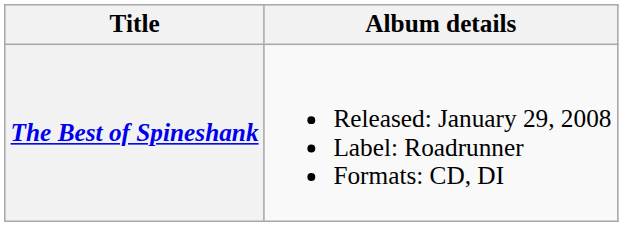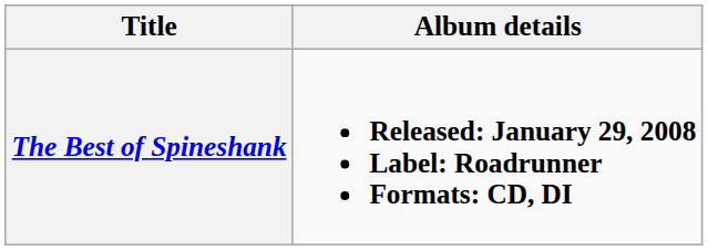 <table class="wikitable plainrowheaders">
 <tr>
 <th>Title</th>
 <th>Album details</th>
 </tr>
 <tr>
 <th scope="row"><em><a href='#'>The Best of Spineshank</a></em></th>
-<td><br><ul><li>Released: January 29, 2008</li><li>Label: Roadrunner</li><li>Formats: CD, DI</li></ul></td>
+<td><strong><br><ul><li>Released: January 29, 2008</li><li>Label: Roadrunner</li><li>Formats: CD, DI</li></ul></strong></td>
 </tr>
 </table>
